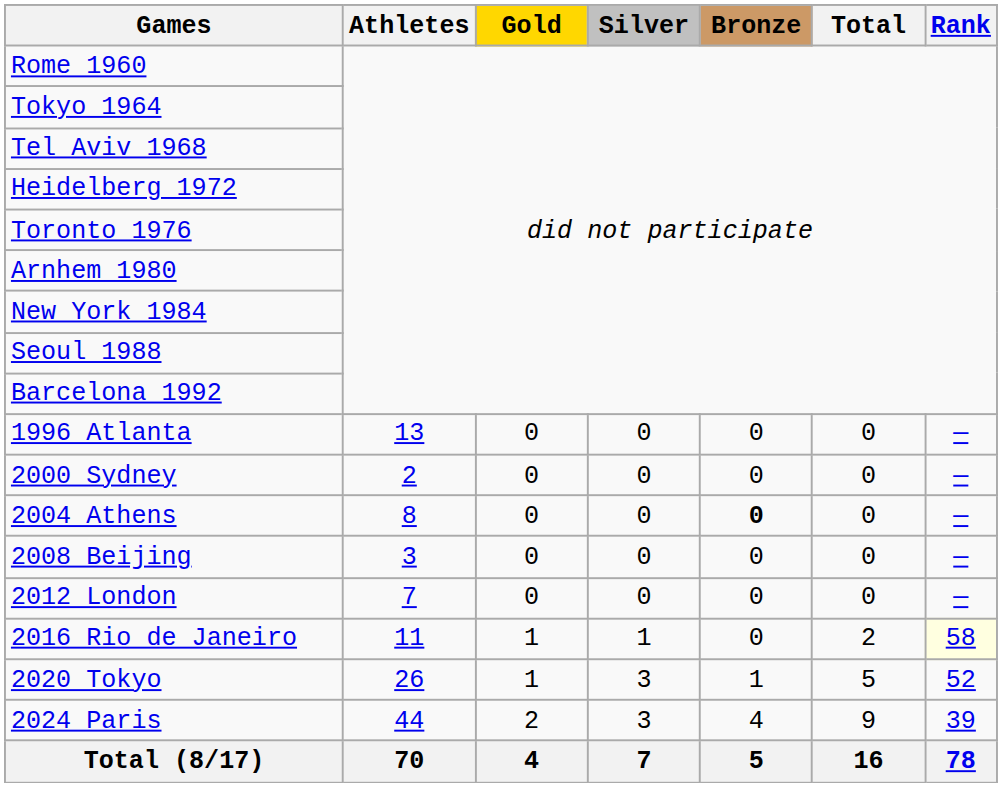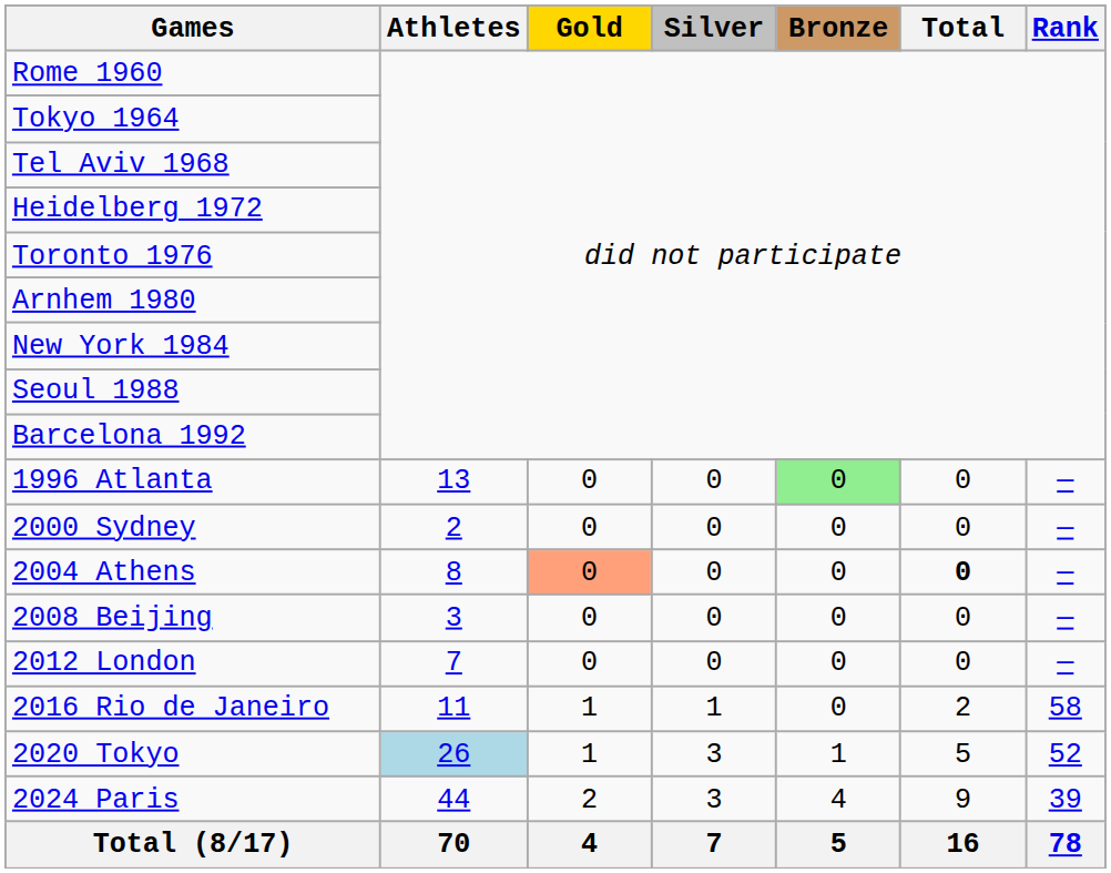 <table class="wikitable sortable" style="text-align:center; font-size:100%;">
 <tr>
 <th style="width:13em;">Games</th>
 <th style="width:4em;">Athletes</th>
 <th style="width:4em; background:gold;">Gold</th>
 <th style="width:4em; background:silver;">Silver</th>
 <th style="width:4em; background:#cc9966;">Bronze</th>
 <th style="width:4em;">Total</th>
 <th style="width:2em;"><a href='#'>Rank</a></th>
 </tr>
 <tr>
 <td align=left> <a href='#'>Rome 1960</a></td>
 <td colspan=6 rowspan=9><em>did not participate</em></td>
 </tr>
 <tr>
 <td align=left> <a href='#'>Tokyo 1964</a></td>
 </tr>
 <tr>
 <td align=left> <a href='#'>Tel Aviv 1968</a></td>
 </tr>
 <tr>
 <td align=left> <a href='#'>Heidelberg 1972</a></td>
 </tr>
 <tr>
 <td align=left> <a href='#'>Toronto 1976</a></td>
 </tr>
 <tr>
 <td align=left> <a href='#'>Arnhem 1980</a></td>
 </tr>
 <tr>
 <td align=left> <a href='#'>New York 1984</a></td>
 </tr>
 <tr>
 <td align=left> <a href='#'>Seoul 1988</a></td>
 </tr>
 <tr>
 <td align=left> <a href='#'>Barcelona 1992</a></td>
 </tr>
 <tr>
 <td align=left> <a href='#'>1996 Atlanta</a></td>
 <td><a href='#'>13</a></td>
 <td>0</td>
 <td>0</td>
-<td>0</td>
+<td style="background: lightgreen;">0</td>
 <td>0</td>
 <td><a href='#'>—</a></td>
 </tr>
 <tr>
 <td align=left> <a href='#'>2000 Sydney</a></td>
 <td><a href='#'>2</a></td>
 <td>0</td>
 <td>0</td>
 <td>0</td>
 <td>0</td>
 <td><a href='#'>—</a></td>
 </tr>
 <tr>
 <td align=left> <a href='#'>2004 Athens</a></td>
 <td><a href='#'>8</a></td>
+<td style="background: lightsalmon;">0</td>
 <td>0</td>
 <td>0</td>
 <td><strong>0</strong></td>
-<td>0</td>
 <td><a href='#'>—</a></td>
 </tr>
 <tr>
 <td align=left> <a href='#'>2008 Beijing</a></td>
 <td><a href='#'>3</a></td>
 <td>0</td>
 <td>0</td>
 <td>0</td>
 <td>0</td>
 <td><a href='#'>—</a></td>
 </tr>
 <tr>
 <td align=left> <a href='#'>2012 London</a></td>
 <td><a href='#'>7</a></td>
 <td>0</td>
 <td>0</td>
 <td>0</td>
 <td>0</td>
 <td><a href='#'>—</a></td>
 </tr>
 <tr>
 <td align=left> <a href='#'>2016 Rio de Janeiro</a></td>
 <td><a href='#'>11</a></td>
 <td>1</td>
 <td>1</td>
 <td>0</td>
 <td>2</td>
-<td style="background: lightyellow;"><a href='#'>58</a></td>
+<td><a href='#'>58</a></td>
 </tr>
 <tr>
 <td align=left> <a href='#'>2020 Tokyo</a></td>
-<td><a href='#'>26</a></td>
+<td style="background: lightblue;"><a href='#'>26</a></td>
 <td>1</td>
 <td>3</td>
 <td>1</td>
 <td>5</td>
 <td><a href='#'>52</a></td>
 </tr>
 <tr>
 <td align=left> <a href='#'>2024 Paris</a></td>
 <td><a href='#'>44</a></td>
 <td>2</td>
 <td>3</td>
 <td>4</td>
 <td>9</td>
 <td><a href='#'>39</a></td>
 </tr>
 <tr class="sortbottom">
 <th colspan=1>Total (8/17)</th>
 <th>70</th>
 <th>4</th>
 <th>7</th>
 <th>5</th>
 <th>16</th>
 <th><a href='#'>78</a></th>
 </tr>
 </table>
